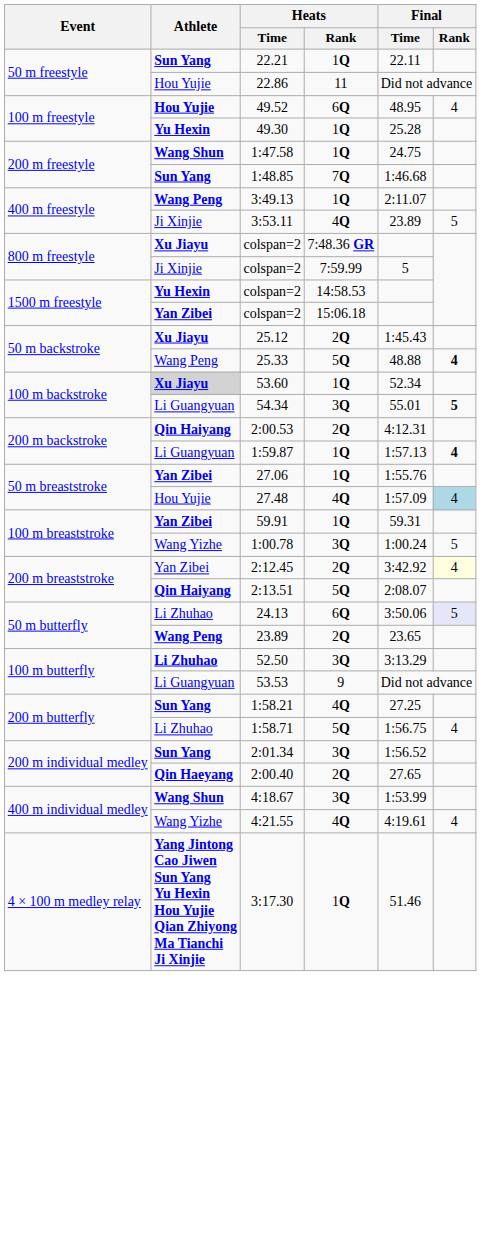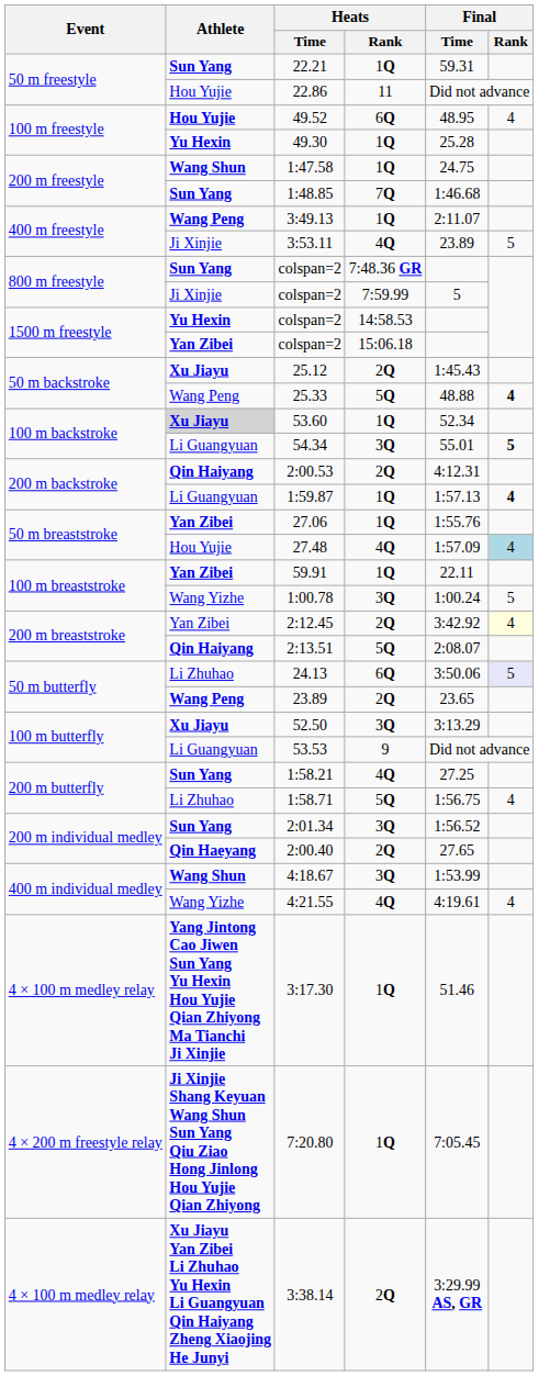 <table class=wikitable style="font-size:90%">
 <tr>
 <th rowspan="2">Event</th>
 <th rowspan="2">Athlete</th>
 <th colspan="2">Heats</th>
 <th colspan="2">Final</th>
 </tr>
 <tr style="font-size:95%">
 <th>Time</th>
 <th>Rank</th>
 <th>Time</th>
 <th>Rank</th>
 </tr>
 <tr align=center>
 <td align=left rowspan=2><a href='#'>50 m freestyle</a></td>
 <td align=left><strong><a href='#'>Sun Yang</a></strong></td>
 <td>22.21</td>
 <td>1<strong>Q</strong></td>
-<td>22.11</td>
+<td>59.31</td>
 <td></td>
 </tr>
 <tr align=center>
 <td align=left><a href='#'>Hou Yujie</a></td>
 <td>22.86</td>
 <td>11</td>
 <td colspan=2>Did not advance</td>
 </tr>
 <tr align=center>
 <td align=left rowspan=2><a href='#'>100 m freestyle</a></td>
 <td align=left><strong><a href='#'>Hou Yujie</a></strong></td>
 <td>49.52</td>
 <td>6<strong>Q</strong></td>
 <td>48.95</td>
 <td>4</td>
 </tr>
 <tr align=center>
 <td align=left><strong><a href='#'>Yu Hexin</a></strong></td>
 <td>49.30</td>
 <td>1<strong>Q</strong></td>
 <td>25.28</td>
 <td></td>
 </tr>
 <tr align=center>
 <td align=left rowspan=2><a href='#'>200 m freestyle</a></td>
 <td align=left><strong><a href='#'>Wang Shun</a></strong></td>
 <td>1:47.58</td>
 <td>1<strong>Q</strong></td>
 <td>24.75</td>
 <td></td>
 </tr>
 <tr align=center>
 <td align=left><strong><a href='#'>Sun Yang</a></strong></td>
 <td>1:48.85</td>
 <td>7<strong>Q</strong></td>
 <td>1:46.68</td>
 <td></td>
 </tr>
 <tr align=center>
 <td align=left rowspan=2><a href='#'>400 m freestyle</a></td>
 <td align=left><strong><a href='#'>Wang Peng</a></strong></td>
 <td>3:49.13</td>
 <td>1<strong>Q</strong></td>
 <td>2:11.07</td>
 <td></td>
 </tr>
 <tr align=center>
 <td align=left><a href='#'>Ji Xinjie</a></td>
 <td>3:53.11</td>
 <td>4<strong>Q</strong></td>
 <td>23.89</td>
 <td>5</td>
 </tr>
 <tr align=center>
 <td align=left rowspan=2><a href='#'>800 m freestyle</a></td>
-<td align=left><strong><a href='#'>Xu Jiayu</a></strong></td>
+<td align=left><strong><a href='#'>Sun Yang</a></strong></td>
 <td>colspan=2 </td>
 <td>7:48.36 <strong><a href='#'>GR</a></strong></td>
 <td></td>
 </tr>
 <tr align=center>
 <td align=left><a href='#'>Ji Xinjie</a></td>
 <td>colspan=2 </td>
 <td>7:59.99</td>
 <td>5</td>
 </tr>
 <tr align=center>
 <td align=left rowspan=2><a href='#'>1500 m freestyle</a></td>
 <td align=left><strong><a href='#'>Yu Hexin</a></strong></td>
 <td>colspan=2 </td>
 <td>14:58.53</td>
 <td></td>
 </tr>
 <tr align=center>
 <td align=left><strong><a href='#'>Yan Zibei</a></strong></td>
 <td>colspan=2 </td>
 <td>15:06.18</td>
 <td></td>
 </tr>
 <tr align=center>
 <td align=left rowspan=2><a href='#'>50 m backstroke</a></td>
 <td align=left><strong><a href='#'>Xu Jiayu</a></strong></td>
 <td>25.12</td>
 <td>2<strong>Q</strong></td>
 <td>1:45.43</td>
 <td></td>
 </tr>
 <tr align=center>
 <td align=left><a href='#'>Wang Peng</a></td>
 <td>25.33</td>
 <td>5<strong>Q</strong></td>
 <td>48.88</td>
 <td><strong>4</strong></td>
 </tr>
 <tr align=center>
 <td align=left rowspan=2><a href='#'>100 m backstroke</a></td>
 <td align=left style="background: lightgrey;"><strong><a href='#'>Xu Jiayu</a></strong></td>
 <td>53.60</td>
 <td>1<strong>Q</strong></td>
 <td>52.34</td>
 <td></td>
 </tr>
 <tr align=center>
 <td align=left><a href='#'>Li Guangyuan</a></td>
 <td>54.34</td>
 <td>3<strong>Q</strong></td>
 <td>55.01</td>
 <td><strong>5</strong></td>
 </tr>
 <tr align=center>
 <td align=left rowspan=2><a href='#'>200 m backstroke</a></td>
 <td align=left><strong><a href='#'>Qin Haiyang</a></strong></td>
 <td>2:00.53</td>
 <td>2<strong>Q</strong></td>
 <td>4:12.31</td>
 <td></td>
 </tr>
 <tr align=center>
 <td align=left><a href='#'>Li Guangyuan</a></td>
 <td>1:59.87</td>
 <td>1<strong>Q</strong></td>
 <td>1:57.13</td>
 <td><strong>4</strong></td>
 </tr>
 <tr align=center>
 <td align=left rowspan=2><a href='#'>50 m breaststroke</a></td>
 <td align=left><strong><a href='#'>Yan Zibei</a></strong></td>
 <td>27.06</td>
 <td>1<strong>Q</strong></td>
 <td>1:55.76</td>
 <td></td>
 </tr>
 <tr align=center>
 <td align=left><a href='#'>Hou Yujie</a></td>
 <td>27.48</td>
 <td>4<strong>Q</strong></td>
 <td>1:57.09</td>
 <td style="background: lightblue;">4</td>
 </tr>
 <tr align=center>
 <td align=left rowspan=2><a href='#'>100 m breaststroke</a></td>
 <td align=left><strong><a href='#'>Yan Zibei</a></strong></td>
 <td>59.91</td>
 <td>1<strong>Q</strong></td>
-<td>59.31</td>
+<td>22.11</td>
 <td></td>
 </tr>
 <tr align=center>
 <td align=left><a href='#'>Wang Yizhe</a></td>
 <td>1:00.78</td>
 <td>3<strong>Q</strong></td>
 <td>1:00.24</td>
 <td>5</td>
 </tr>
 <tr align=center>
 <td align=left rowspan=2><a href='#'>200 m breaststroke</a></td>
 <td align=left><a href='#'>Yan Zibei</a></td>
 <td>2:12.45</td>
 <td>2<strong>Q</strong></td>
 <td>3:42.92</td>
 <td style="background: lightyellow;">4</td>
 </tr>
 <tr align=center>
 <td align=left><strong><a href='#'>Qin Haiyang</a></strong></td>
 <td>2:13.51</td>
 <td>5<strong>Q</strong></td>
 <td>2:08.07</td>
 <td></td>
 </tr>
 <tr align=center>
 <td align=left rowspan=2><a href='#'>50 m butterfly</a></td>
 <td align=left><a href='#'>Li Zhuhao</a></td>
 <td>24.13</td>
 <td>6<strong>Q</strong></td>
 <td>3:50.06</td>
 <td style="background: lavender;">5</td>
 </tr>
 <tr align=center>
 <td align=left><strong><a href='#'>Wang Peng</a></strong></td>
 <td>23.89</td>
 <td>2<strong>Q</strong></td>
 <td>23.65</td>
 <td></td>
 </tr>
 <tr align=center>
 <td align=left rowspan=2><a href='#'>100 m butterfly</a></td>
-<td align=left><strong><a href='#'>Li Zhuhao</a></strong></td>
+<td align=left><strong><a href='#'>Xu Jiayu</a></strong></td>
 <td>52.50</td>
 <td>3<strong>Q</strong></td>
 <td>3:13.29</td>
 <td></td>
 </tr>
 <tr align=center>
 <td align=left><a href='#'>Li Guangyuan</a></td>
 <td>53.53</td>
 <td>9</td>
 <td colspan=2>Did not advance</td>
 </tr>
 <tr align=center>
 <td align=left rowspan=2><a href='#'>200 m butterfly</a></td>
 <td align=left><strong><a href='#'>Sun Yang</a></strong></td>
 <td>1:58.21</td>
 <td>4<strong>Q</strong></td>
 <td>27.25</td>
 <td></td>
 </tr>
 <tr align=center>
 <td align=left><a href='#'>Li Zhuhao</a></td>
 <td>1:58.71</td>
 <td>5<strong>Q</strong></td>
 <td>1:56.75</td>
 <td>4</td>
 </tr>
 <tr align=center>
 <td align=left rowspan=2><a href='#'>200 m individual medley</a></td>
 <td align=left><strong><a href='#'>Sun Yang</a></strong></td>
 <td>2:01.34</td>
 <td>3<strong>Q</strong></td>
 <td>1:56.52</td>
 <td></td>
 </tr>
 <tr align=center>
 <td align=left><strong><a href='#'>Qin Haeyang</a></strong></td>
 <td>2:00.40</td>
 <td>2<strong>Q</strong></td>
 <td>27.65</td>
 <td></td>
 </tr>
 <tr align=center>
 <td align=left rowspan=2><a href='#'>400 m individual medley</a></td>
 <td align=left><strong><a href='#'>Wang Shun</a></strong></td>
 <td>4:18.67</td>
 <td>3<strong>Q</strong></td>
 <td>1:53.99</td>
 <td></td>
 </tr>
 <tr align=center>
 <td align=left><a href='#'>Wang Yizhe</a></td>
 <td>4:21.55</td>
 <td>4<strong>Q</strong></td>
 <td>4:19.61</td>
 <td>4</td>
 </tr>
 <tr align=center>
 <td align=left><a href='#'>4 × 100 m medley relay</a></td>
 <td align=left><strong><a href='#'>Yang Jintong</a><br><a href='#'>Cao Jiwen</a><br><a href='#'>Sun Yang</a><br><a href='#'>Yu Hexin</a><br><a href='#'>Hou Yujie</a><br><a href='#'>Qian Zhiyong</a><br><a href='#'>Ma Tianchi</a><br><a href='#'>Ji Xinjie</a></strong></td>
 <td>3:17.30</td>
 <td>1<strong>Q</strong></td>
 <td>51.46</td>
 <td></td>
 </tr>
+<tr align=center>
+<td align=left><a href='#'>4 × 200 m freestyle relay</a></td>
+<td align=left><strong><a href='#'>Ji Xinjie</a><br><a href='#'>Shang Keyuan</a><br><a href='#'>Wang Shun</a><br><a href='#'>Sun Yang</a><br><a href='#'>Qiu Ziao</a><br><a href='#'>Hong Jinlong</a><br><a href='#'>Hou Yujie</a><br><a href='#'>Qian Zhiyong</a></strong></td>
+<td>7:20.80</td>
+<td>1<strong>Q</strong></td>
+<td>7:05.45</td>
+<td></td>
+</tr>
+<tr align=center>
+<td align=left><a href='#'>4 × 100 m medley relay</a></td>
+<td align=left><strong><a href='#'>Xu Jiayu</a><br><a href='#'>Yan Zibei</a><br><a href='#'>Li Zhuhao</a><br><a href='#'>Yu Hexin</a><br><a href='#'>Li Guangyuan</a><br><a href='#'>Qin Haiyang</a><br><a href='#'>Zheng Xiaojing</a><br><a href='#'>He Junyi</a></strong></td>
+<td>3:38.14</td>
+<td>2<strong>Q</strong></td>
+<td>3:29.99<br><strong><a href='#'>AS</a>, <a href='#'>GR</a></strong></td>
+<td></td>
+</tr>
 </table>
